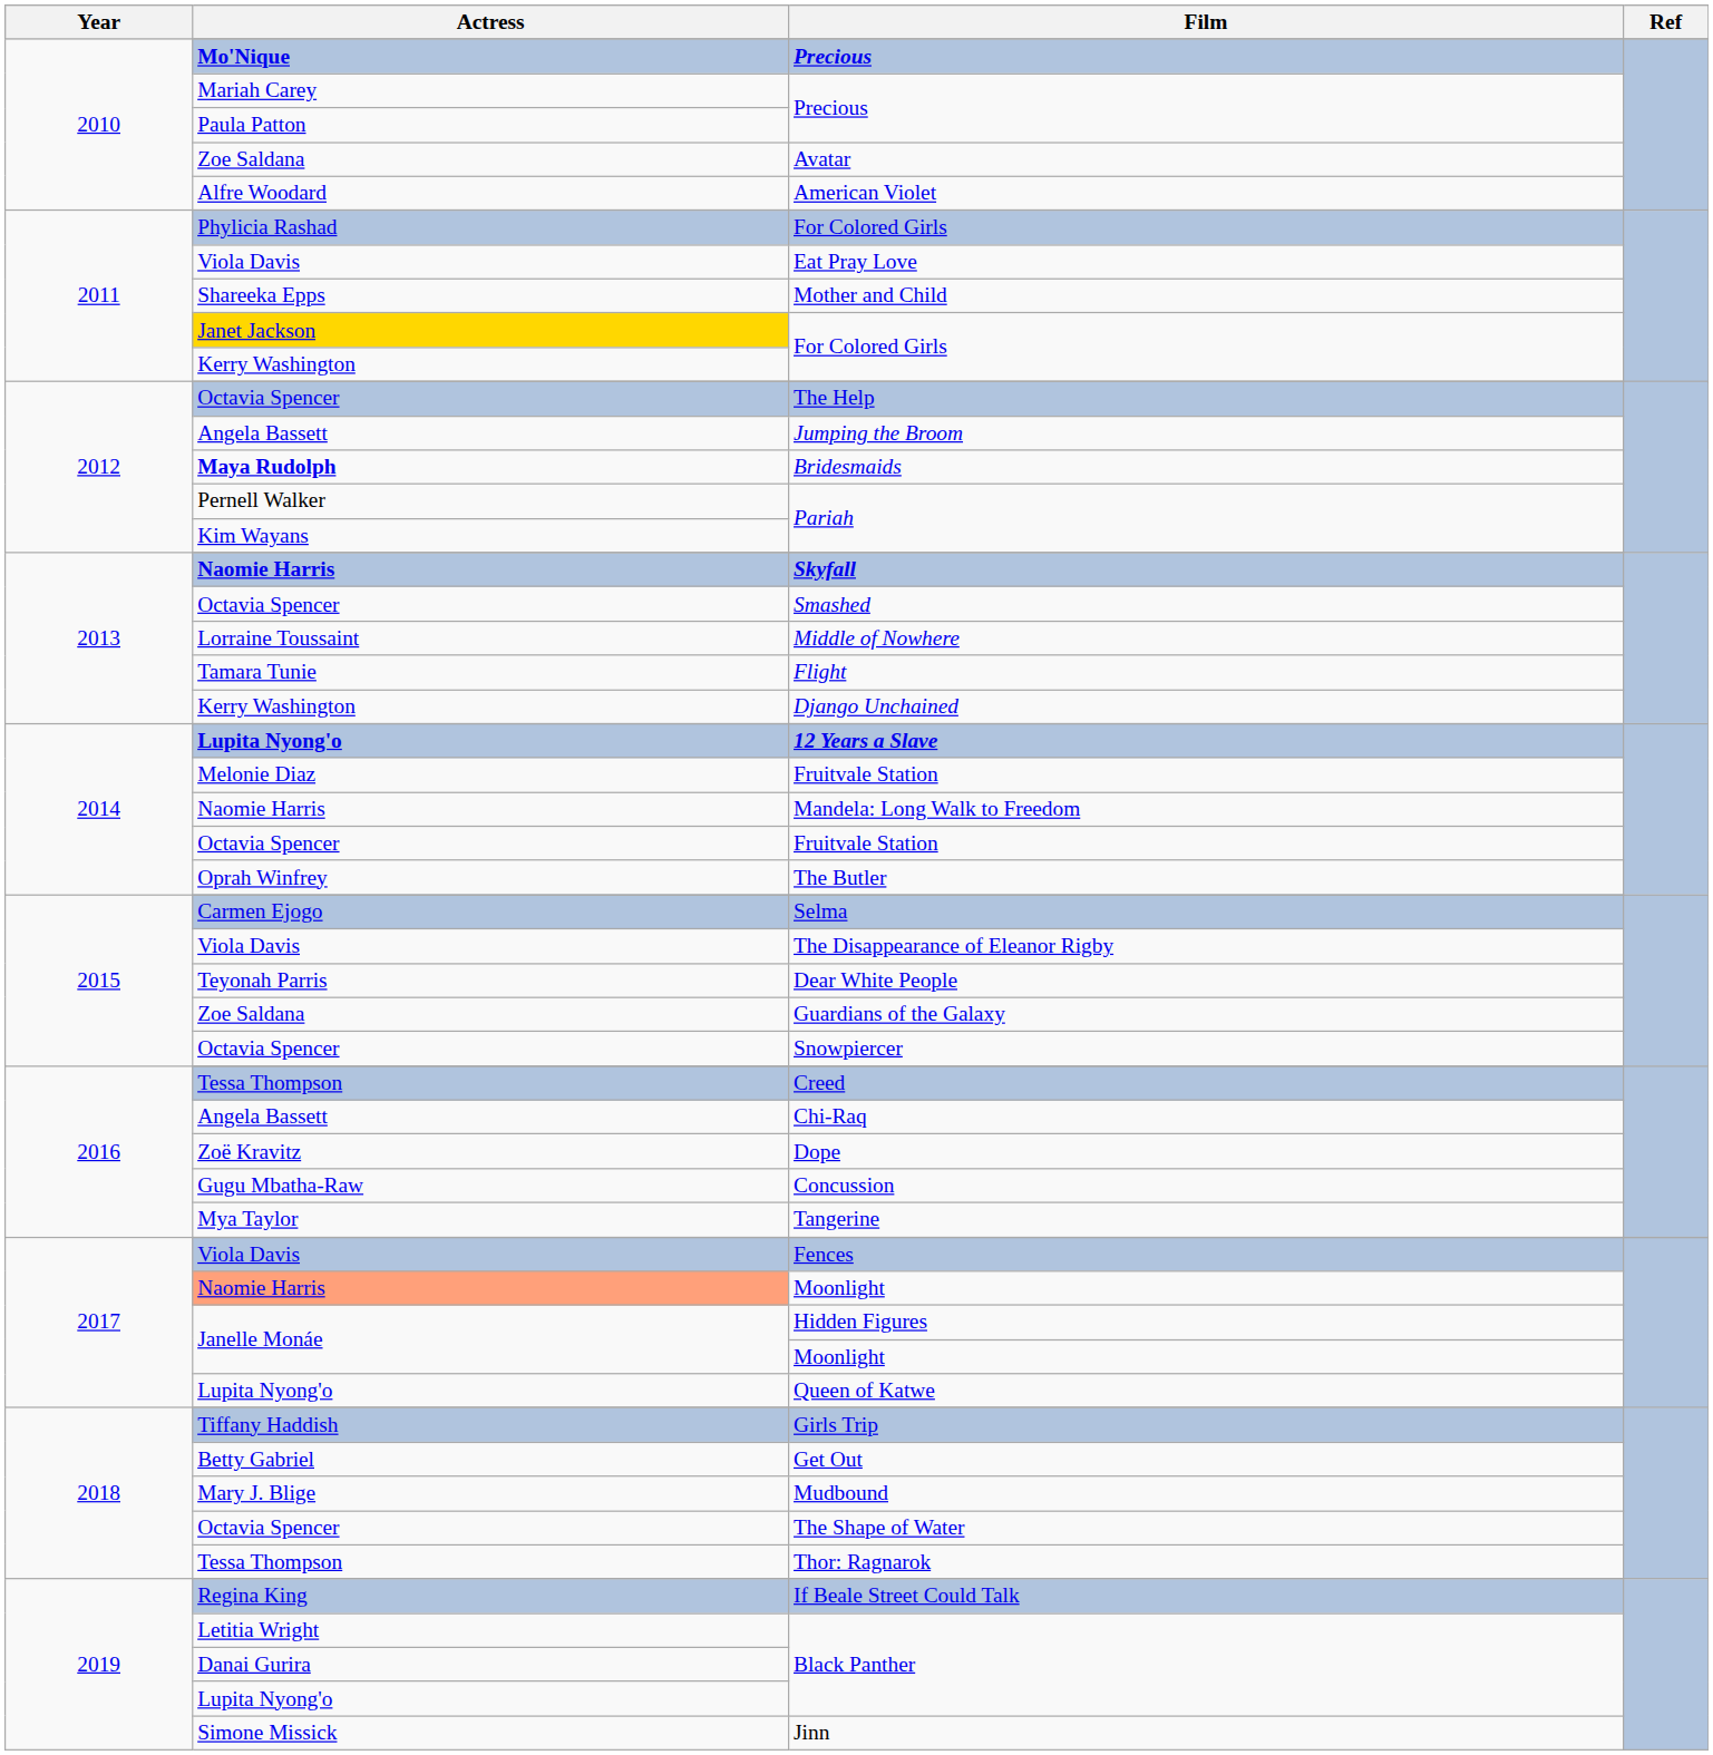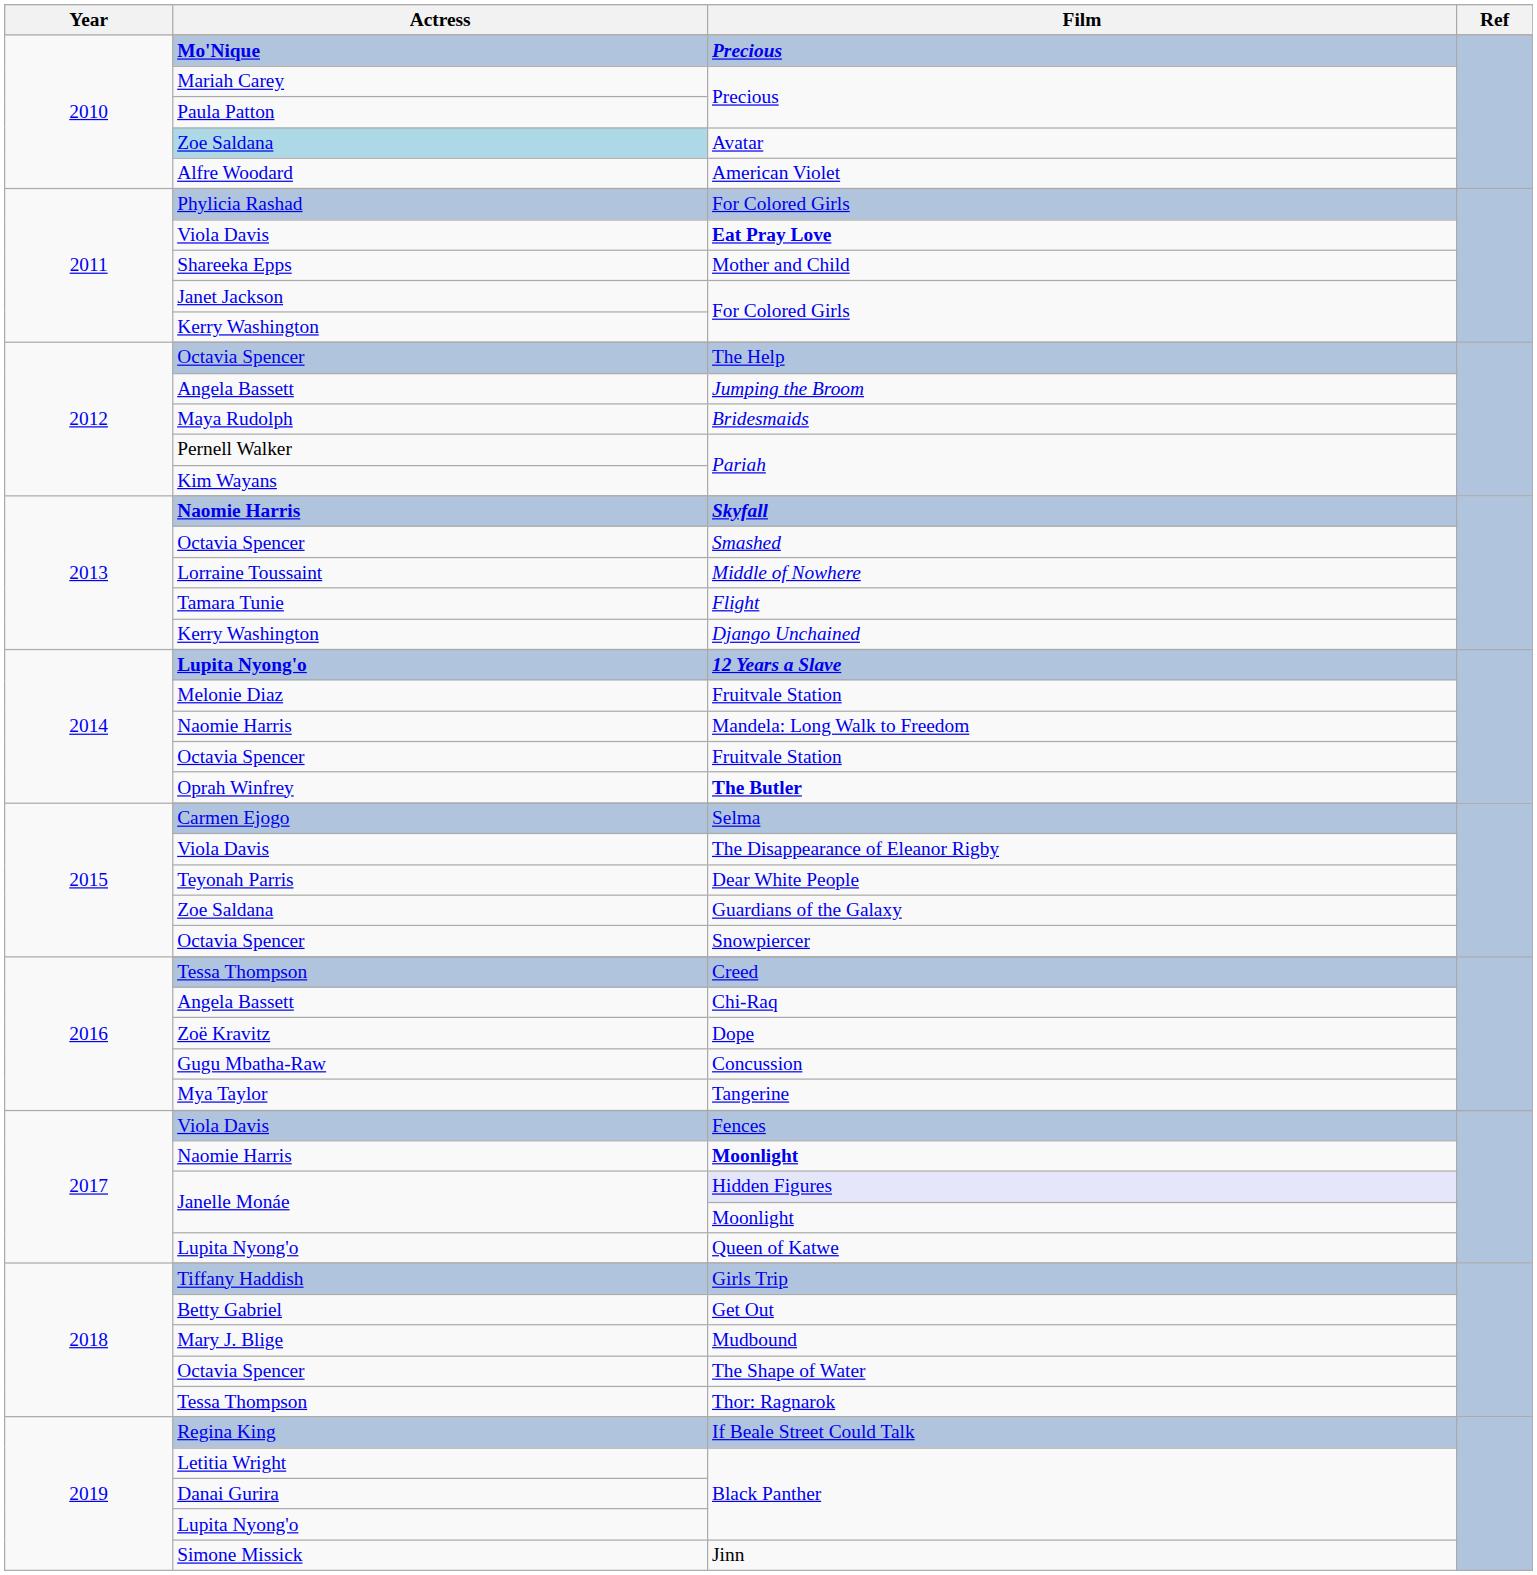 <table class="wikitable" style="width:100%;">
 <tr style="background:#bebebe;">
 <th style="width:11%;">Year</th>
 <th style="width:35%;">Actress</th>
 <th style="width:49%;">Film</th>
 <th style="width:5%;">Ref</th>
 </tr>
 <tr>
 <td rowspan="6" align="center"><a href='#'>2010</a></td>
 </tr>
 <tr style="background:#B0C4DE">
 <td><strong><a href='#'>Mo'Nique</a></strong></td>
 <td><strong><em><a href='#'>Precious</a><em> <strong></td>
 <td rowspan="6" align="center"></td>
 </tr>
 <tr>
 <td><a href='#'>Mariah Carey</a></td>
 <td rowspan="2"></em><a href='#'>Precious</a><em></td>
 </tr>
 <tr>
 <td><a href='#'>Paula Patton</a></td>
 </tr>
 <tr>
-<td><a href='#'>Zoe Saldana</a></td>
+<td style="background: lightblue;"><a href='#'>Zoe Saldana</a></td>
 <td></em><a href='#'>Avatar</a><em></td>
 </tr>
 <tr>
 <td><a href='#'>Alfre Woodard</a></td>
 <td></em><a href='#'>American Violet</a><em></td>
 </tr>
 <tr>
 <td rowspan="6" align="center"><a href='#'>2011</a></td>
 </tr>
 <tr style="background:#B0C4DE">
 <td></strong><a href='#'>Phylicia Rashad</a><strong></td>
 <td></em></strong><a href='#'>For Colored Girls</a><strong><em></td>
 <td rowspan="6" align="center"></td>
 </tr>
 <tr>
 <td><a href='#'>Viola Davis</a></td>
-<td></em><a href='#'>Eat Pray Love</a><em></td>
+<td><strong></em><a href='#'>Eat Pray Love</a><em></strong></td>
 </tr>
 <tr>
 <td><a href='#'>Shareeka Epps</a></td>
 <td></em><a href='#'>Mother and Child</a><em></td>
 </tr>
 <tr>
-<td style="background: gold;"><a href='#'>Janet Jackson</a></td>
+<td><a href='#'>Janet Jackson</a></td>
 <td rowspan="2"></em><a href='#'>For Colored Girls</a><em></td>
 </tr>
 <tr>
 <td><a href='#'>Kerry Washington</a></td>
 </tr>
 <tr>
 <td rowspan="6" align="center"><a href='#'>2012</a></td>
 </tr>
 <tr style="background:#B0C4DE">
 <td></strong><a href='#'>Octavia Spencer</a><strong></td>
 <td></em></strong><a href='#'>The Help</a></em> </strong></td>
 <td rowspan="6" align="center"></td>
 </tr>
 <tr>
 <td><a href='#'>Angela Bassett</a></td>
 <td><em><a href='#'>Jumping the Broom</a></em></td>
 </tr>
 <tr>
-<td><strong><a href='#'>Maya Rudolph</a></strong></td>
+<td><a href='#'>Maya Rudolph</a></td>
 <td><em><a href='#'>Bridesmaids</a></em></td>
 </tr>
 <tr>
 <td>Pernell Walker</td>
 <td rowspan="2"><em><a href='#'>Pariah</a></em></td>
 </tr>
 <tr>
 <td><a href='#'>Kim Wayans</a></td>
 </tr>
 <tr>
 <td rowspan="6" align="center"><a href='#'>2013</a></td>
 </tr>
 <tr style="background:#B0C4DE">
 <td><strong><a href='#'>Naomie Harris</a></strong></td>
 <td><strong><em><a href='#'>Skyfall</a></em></strong></td>
 <td rowspan="6" align="center"></td>
 </tr>
 <tr>
 <td><a href='#'>Octavia Spencer</a></td>
 <td><em><a href='#'>Smashed</a></em></td>
 </tr>
 <tr>
 <td><a href='#'>Lorraine Toussaint</a></td>
 <td><em><a href='#'>Middle of Nowhere</a></em></td>
 </tr>
 <tr>
 <td><a href='#'>Tamara Tunie</a></td>
 <td><em><a href='#'>Flight</a></em></td>
 </tr>
 <tr>
 <td><a href='#'>Kerry Washington</a></td>
 <td><em><a href='#'>Django Unchained</a></em></td>
 </tr>
 <tr>
 <td rowspan="6" align="center"><a href='#'>2014</a></td>
 </tr>
 <tr style="background:#B0C4DE">
 <td><strong><a href='#'>Lupita Nyong'o</a></strong></td>
 <td><strong><em><a href='#'>12 Years a Slave</a><em> <strong></td>
 <td rowspan="6" align="center"></td>
 </tr>
 <tr>
 <td><a href='#'>Melonie Diaz</a></td>
 <td></em><a href='#'>Fruitvale Station</a><em></td>
 </tr>
 <tr>
 <td><a href='#'>Naomie Harris</a></td>
 <td></em><a href='#'>Mandela: Long Walk to Freedom</a><em></td>
 </tr>
 <tr>
 <td><a href='#'>Octavia Spencer</a></td>
 <td></em><a href='#'>Fruitvale Station</a><em></td>
 </tr>
 <tr>
 <td><a href='#'>Oprah Winfrey</a></td>
-<td></em><a href='#'>The Butler</a><em></td>
+<td><strong></em><a href='#'>The Butler</a><em></strong></td>
 </tr>
 <tr>
 <td rowspan="6" align="center"><a href='#'>2015</a></td>
 </tr>
 <tr style="background:#B0C4DE">
 <td></strong><a href='#'>Carmen Ejogo</a><strong></td>
 <td></em></strong><a href='#'>Selma</a><strong><em></td>
 <td rowspan="6" align="center"></td>
 </tr>
 <tr>
 <td><a href='#'>Viola Davis</a></td>
 <td></em><a href='#'>The Disappearance of Eleanor Rigby</a><em></td>
 </tr>
 <tr>
 <td><a href='#'>Teyonah Parris</a></td>
 <td></em><a href='#'>Dear White People</a><em></td>
 </tr>
 <tr>
 <td><a href='#'>Zoe Saldana</a></td>
 <td></em><a href='#'>Guardians of the Galaxy</a><em></td>
 </tr>
 <tr>
 <td><a href='#'>Octavia Spencer</a></td>
 <td></em><a href='#'>Snowpiercer</a><em></td>
 </tr>
 <tr>
 <td rowspan="6" align="center"><a href='#'>2016</a></td>
 </tr>
 <tr style="background:#B0C4DE">
 <td></strong><a href='#'>Tessa Thompson</a><strong></td>
 <td></em></strong><a href='#'>Creed</a><strong><em></td>
 <td rowspan="5" align="center"></td>
 </tr>
 <tr>
 <td><a href='#'>Angela Bassett</a></td>
 <td></em><a href='#'>Chi-Raq</a><em></td>
 </tr>
 <tr>
 <td><a href='#'>Zoë Kravitz</a></td>
 <td></em><a href='#'>Dope</a><em></td>
 </tr>
 <tr>
 <td><a href='#'>Gugu Mbatha-Raw</a></td>
 <td></em><a href='#'>Concussion</a><em></td>
 </tr>
 <tr>
 <td><a href='#'>Mya Taylor</a></td>
 <td></em><a href='#'>Tangerine</a><em></td>
 </tr>
 <tr>
 <td rowspan="6" align="center"><a href='#'>2017</a></td>
 </tr>
 <tr style="background:#B0C4DE">
 <td></strong><a href='#'>Viola Davis</a>  <strong></td>
 <td></em></strong><a href='#'>Fences</a><strong><em></td>
 <td rowspan="6" align="center"></td>
 </tr>
 <tr>
-<td style="background: lightsalmon;"><a href='#'>Naomie Harris</a></td>
-<td></em><a href='#'>Moonlight</a><em></td>
+<td><a href='#'>Naomie Harris</a></td>
+<td><strong></em><a href='#'>Moonlight</a><em></strong></td>
 </tr>
 <tr>
 <td rowspan=2><a href='#'>Janelle Monáe</a></td>
-<td></em><a href='#'>Hidden Figures</a><em></td>
+<td style="background: lavender;"></em><a href='#'>Hidden Figures</a><em></td>
 </tr>
 <tr>
 <td></em><a href='#'>Moonlight</a><em></td>
 </tr>
 <tr>
 <td><a href='#'>Lupita Nyong'o</a></td>
 <td></em><a href='#'>Queen of Katwe</a><em></td>
 </tr>
 <tr>
 <td rowspan="6" align="center"><a href='#'>2018</a></td>
 </tr>
 <tr style="background:#B0C4DE">
 <td></strong><a href='#'>Tiffany Haddish</a><strong></td>
 <td></em></strong><a href='#'>Girls Trip</a><strong><em></td>
 <td rowspan="6" align="center"></td>
 </tr>
 <tr>
 <td><a href='#'>Betty Gabriel</a></td>
 <td></em><a href='#'>Get Out</a><em></td>
 </tr>
 <tr>
 <td><a href='#'>Mary J. Blige</a></td>
 <td></em><a href='#'>Mudbound</a><em></td>
 </tr>
 <tr>
 <td><a href='#'>Octavia Spencer</a></td>
 <td></em><a href='#'>The Shape of Water</a><em></td>
 </tr>
 <tr>
 <td><a href='#'>Tessa Thompson</a></td>
 <td></em><a href='#'>Thor: Ragnarok</a><em></td>
 </tr>
 <tr>
 <td rowspan="6" align="center"><a href='#'>2019</a></td>
 </tr>
 <tr style="background:#B0C4DE">
 <td></strong><a href='#'>Regina King</a><strong></td>
 <td></em><a href='#'>If Beale Street Could Talk</a><em></td>
 <td rowspan="6" align="center"></td>
 </tr>
 <tr>
 <td><a href='#'>Letitia Wright</a></td>
 <td rowspan=3></em><a href='#'>Black Panther</a><em></td>
 </tr>
 <tr>
 <td><a href='#'>Danai Gurira</a></td>
 </tr>
 <tr>
 <td><a href='#'>Lupita Nyong'o</a></td>
 </tr>
 <tr>
 <td><a href='#'>Simone Missick</a></td>
 <td></em>Jinn<em></td>
 </tr>
 </table>
